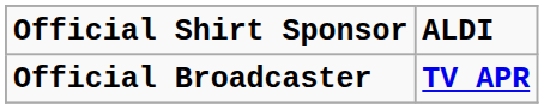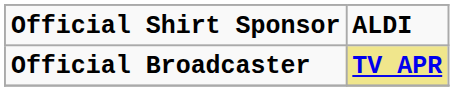 <table class="wikitable">
 <tr>
 <td><strong>Official Shirt Sponsor</strong></td>
 <td><strong>ALDI</strong></td>
 </tr>
 <tr>
 <td><strong>Official Broadcaster</strong></td>
-<td><strong><a href='#'>TV APR</a></strong></td>
+<td style="background: khaki;"><strong><a href='#'>TV APR</a></strong></td>
 </tr>
 <tr>
 </tr>
 </table>
